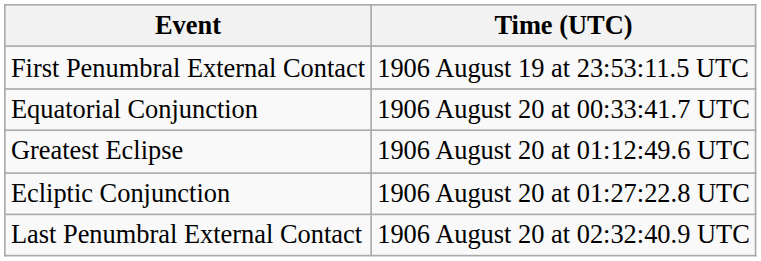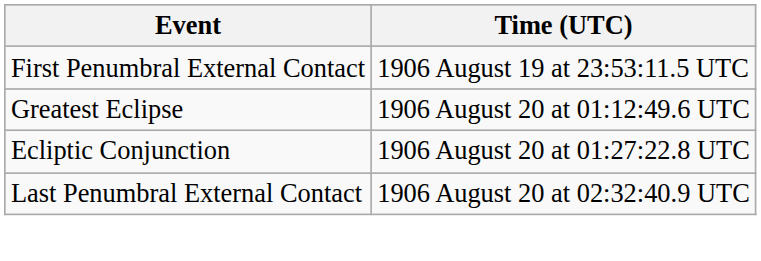 <table class="wikitable">
 <tr>
 <th>Event</th>
 <th>Time (UTC)</th>
 </tr>
 <tr>
 <td>First Penumbral External Contact</td>
 <td>1906 August 19 at 23:53:11.5 UTC</td>
-</tr>
-<tr>
-<td>Equatorial Conjunction</td>
-<td>1906 August 20 at 00:33:41.7 UTC</td>
 </tr>
 <tr>
 <td>Greatest Eclipse</td>
 <td>1906 August 20 at 01:12:49.6 UTC</td>
 </tr>
 <tr>
 <td>Ecliptic Conjunction</td>
 <td>1906 August 20 at 01:27:22.8 UTC</td>
 </tr>
 <tr>
 <td>Last Penumbral External Contact</td>
 <td>1906 August 20 at 02:32:40.9 UTC</td>
 </tr>
 </table>
